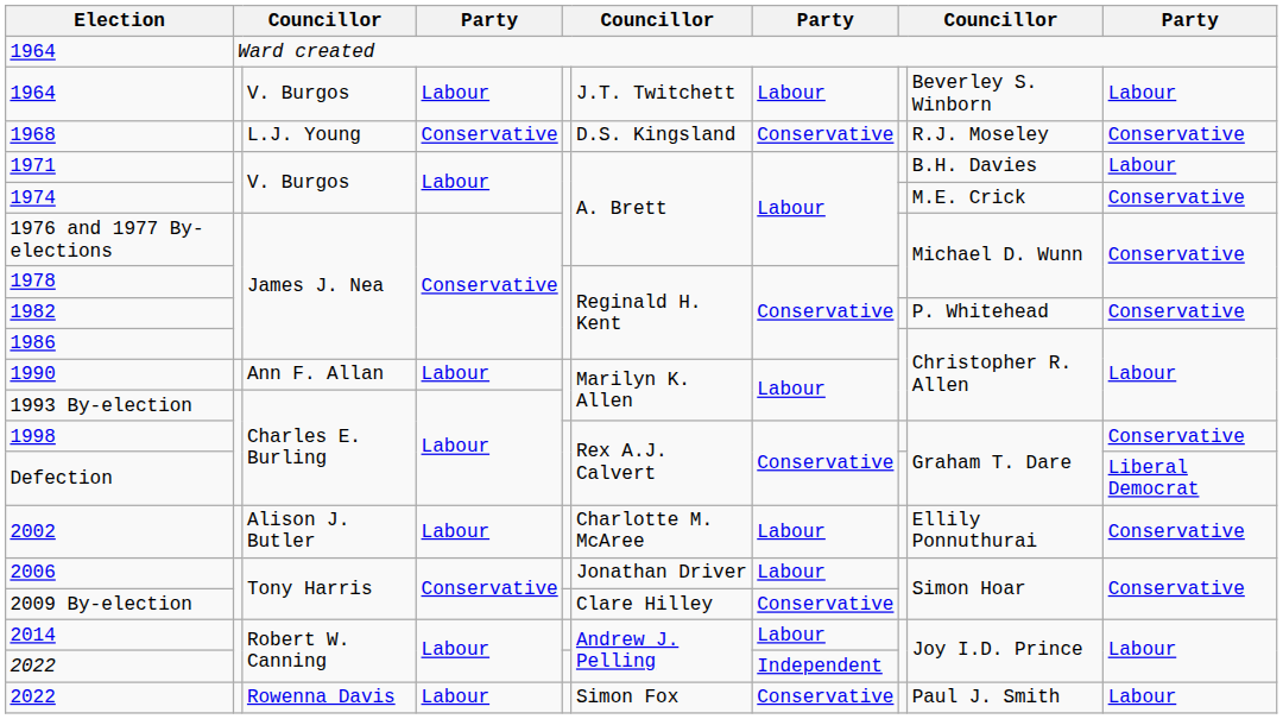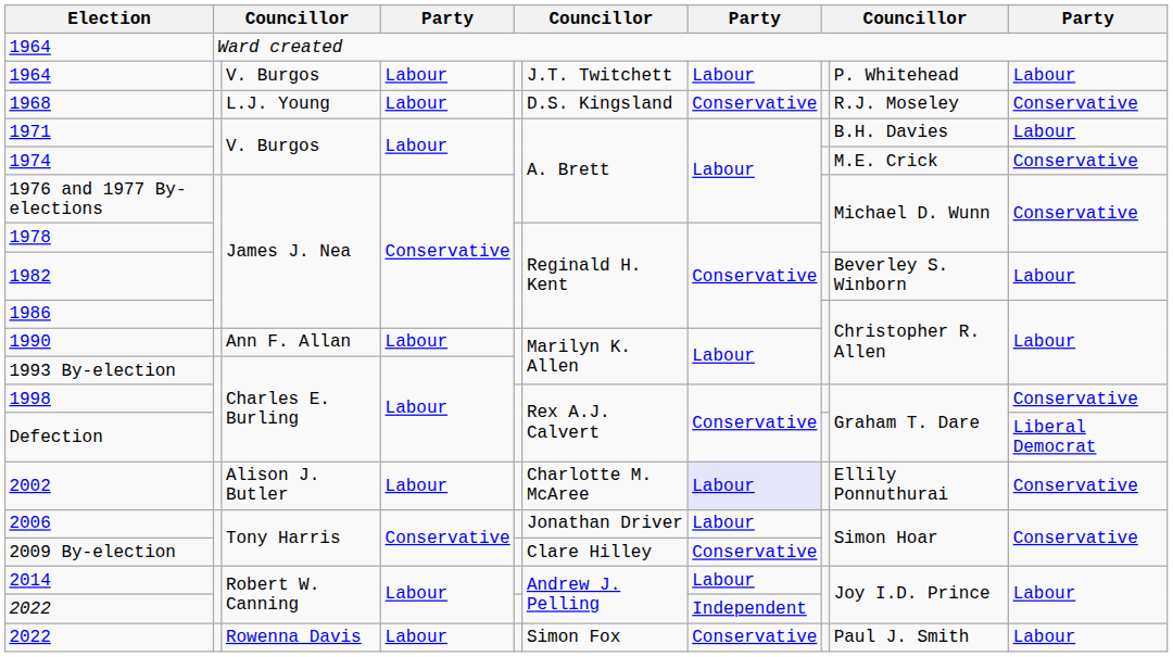 <table class="wikitable">
 <tr>
 <th>Election</th>
 <th colspan="2">Councillor</th>
 <th>Party</th>
 <th colspan="2">Councillor</th>
 <th>Party</th>
 <th colspan="2">Councillor</th>
 <th>Party</th>
 </tr>
 <tr>
 <td><a href='#'>1964</a></td>
 <td colspan="12"><em>Ward created</em></td>
 </tr>
 <tr>
 <td><a href='#'>1964</a></td>
 <td style="background-color: "></td>
 <td>V. Burgos</td>
 <td><a href='#'>Labour</a></td>
 <td style="background-color: "></td>
 <td>J.T. Twitchett</td>
 <td><a href='#'>Labour</a></td>
 <td style="background-color: "></td>
-<td>Beverley S. Winborn</td>
+<td>P. Whitehead</td>
 <td><a href='#'>Labour</a></td>
 </tr>
 <tr>
 <td><a href='#'>1968</a></td>
 <td style="background-color: "></td>
 <td>L.J. Young</td>
-<td><a href='#'>Conservative</a></td>
+<td><a href='#'>Labour</a></td>
 <td style="background-color: "></td>
 <td>D.S. Kingsland</td>
 <td><a href='#'>Conservative</a></td>
 <td style="background-color: "></td>
 <td>R.J. Moseley</td>
 <td><a href='#'>Conservative</a></td>
 </tr>
 <tr>
 <td><a href='#'>1971</a></td>
 <td rowspan="2" style="background-color: "></td>
 <td rowspan="2">V. Burgos</td>
 <td rowspan="2"><a href='#'>Labour</a></td>
 <td rowspan="3" style="background-color: "></td>
 <td rowspan="3">A. Brett</td>
 <td rowspan="3"><a href='#'>Labour</a></td>
 <td style="background-color: "></td>
 <td>B.H. Davies</td>
 <td><a href='#'>Labour</a></td>
 </tr>
 <tr>
 <td><a href='#'>1974</a></td>
 <td style="background-color: "></td>
 <td>M.E. Crick</td>
 <td><a href='#'>Conservative</a></td>
 </tr>
 <tr>
 <td>1976 and 1977 By-elections</td>
 <td rowspan="4" style="background-color: "></td>
 <td rowspan="4">James J. Nea</td>
 <td rowspan="4"><a href='#'>Conservative</a></td>
 <td rowspan="2" style="background-color: "></td>
 <td rowspan="2">Michael D. Wunn</td>
 <td rowspan="2"><a href='#'>Conservative</a></td>
 </tr>
 <tr>
 <td><a href='#'>1978</a></td>
 <td rowspan="3" style="background-color: "></td>
 <td rowspan="3">Reginald H. Kent</td>
 <td rowspan="3"><a href='#'>Conservative</a></td>
 </tr>
 <tr>
 <td><a href='#'>1982</a></td>
 <td style="background-color: "></td>
-<td>P. Whitehead</td>
-<td><a href='#'>Conservative</a></td>
+<td>Beverley S. Winborn</td>
+<td><a href='#'>Labour</a></td>
 </tr>
 <tr>
 <td><a href='#'>1986</a></td>
 <td rowspan="3" style="background-color: "></td>
 <td rowspan="3">Christopher R. Allen</td>
 <td rowspan="3"><a href='#'>Labour</a></td>
 </tr>
 <tr>
 <td><a href='#'>1990</a></td>
 <td style="background-color: "></td>
 <td>Ann F. Allan</td>
 <td><a href='#'>Labour</a></td>
 <td rowspan="2" style="background-color: "></td>
 <td rowspan="2">Marilyn K. Allen</td>
 <td rowspan="2"><a href='#'>Labour</a></td>
 </tr>
 <tr>
 <td>1993 By-election</td>
 <td rowspan="3" style="background-color: "></td>
 <td rowspan="3">Charles E. Burling</td>
 <td rowspan="3"><a href='#'>Labour</a></td>
 </tr>
 <tr>
 <td><a href='#'>1998</a></td>
 <td rowspan="2" style="background-color: "></td>
 <td rowspan="2">Rex A.J. Calvert</td>
 <td rowspan="2"><a href='#'>Conservative</a></td>
 <td style="background-color: "></td>
 <td rowspan="2">Graham T. Dare</td>
 <td><a href='#'>Conservative</a></td>
 </tr>
 <tr>
 <td>Defection</td>
 <td style="background-color: "></td>
 <td><a href='#'>Liberal Democrat</a></td>
 </tr>
 <tr>
 <td><a href='#'>2002</a></td>
 <td style="background-color: "></td>
 <td>Alison J. Butler</td>
 <td><a href='#'>Labour</a></td>
 <td style="background-color: "></td>
 <td>Charlotte M. McAree</td>
-<td><a href='#'>Labour</a></td>
+<td style="background: lavender;"><a href='#'>Labour</a></td>
 <td style="background-color: "></td>
 <td>Ellily Ponnuthurai</td>
 <td><a href='#'>Conservative</a></td>
 </tr>
 <tr>
 <td><a href='#'>2006</a></td>
 <td rowspan="2" style="background-color: "></td>
 <td rowspan="2">Tony Harris</td>
 <td rowspan="2"><a href='#'>Conservative</a></td>
 <td style="background-color: "></td>
 <td>Jonathan Driver</td>
 <td><a href='#'>Labour</a></td>
 <td rowspan="2" style="background-color: "></td>
 <td rowspan="2">Simon Hoar</td>
 <td rowspan="2"><a href='#'>Conservative</a></td>
 </tr>
 <tr>
 <td>2009 By-election</td>
 <td style="background-color: "></td>
 <td>Clare Hilley</td>
 <td><a href='#'>Conservative</a></td>
 </tr>
 <tr>
 <td><a href='#'>2014</a></td>
 <td rowspan="2" style="background-color: "></td>
 <td rowspan="2">Robert W. Canning</td>
 <td rowspan="2"><a href='#'>Labour</a></td>
 <td style="background-color: "></td>
 <td rowspan="2"><a href='#'>Andrew J. Pelling</a></td>
 <td><a href='#'>Labour</a></td>
 <td rowspan="2" style="background-color: "></td>
 <td rowspan="2">Joy I.D. Prince</td>
 <td rowspan="2"><a href='#'>Labour</a></td>
 </tr>
 <tr>
 <td><em>2022</em></td>
 <td style="background-color: "></td>
 <td><a href='#'>Independent</a></td>
 </tr>
 <tr>
 <td><a href='#'>2022</a></td>
 <td style="background-color: "></td>
 <td><a href='#'>Rowenna Davis</a></td>
 <td><a href='#'>Labour</a></td>
 <td style="background-color: "></td>
 <td>Simon Fox</td>
 <td><a href='#'>Conservative</a></td>
 <td style="background-color: "></td>
 <td>Paul J. Smith</td>
 <td><a href='#'>Labour</a></td>
 </tr>
 </table>
